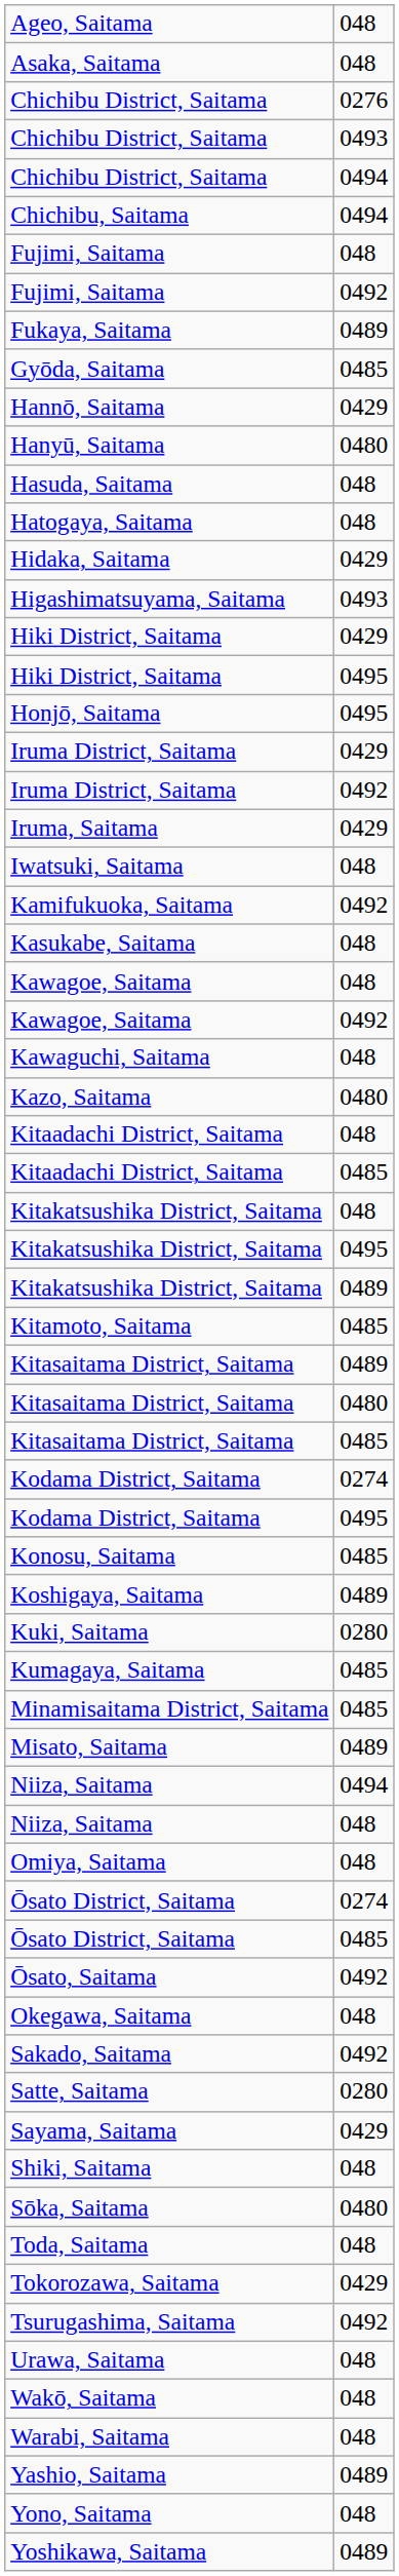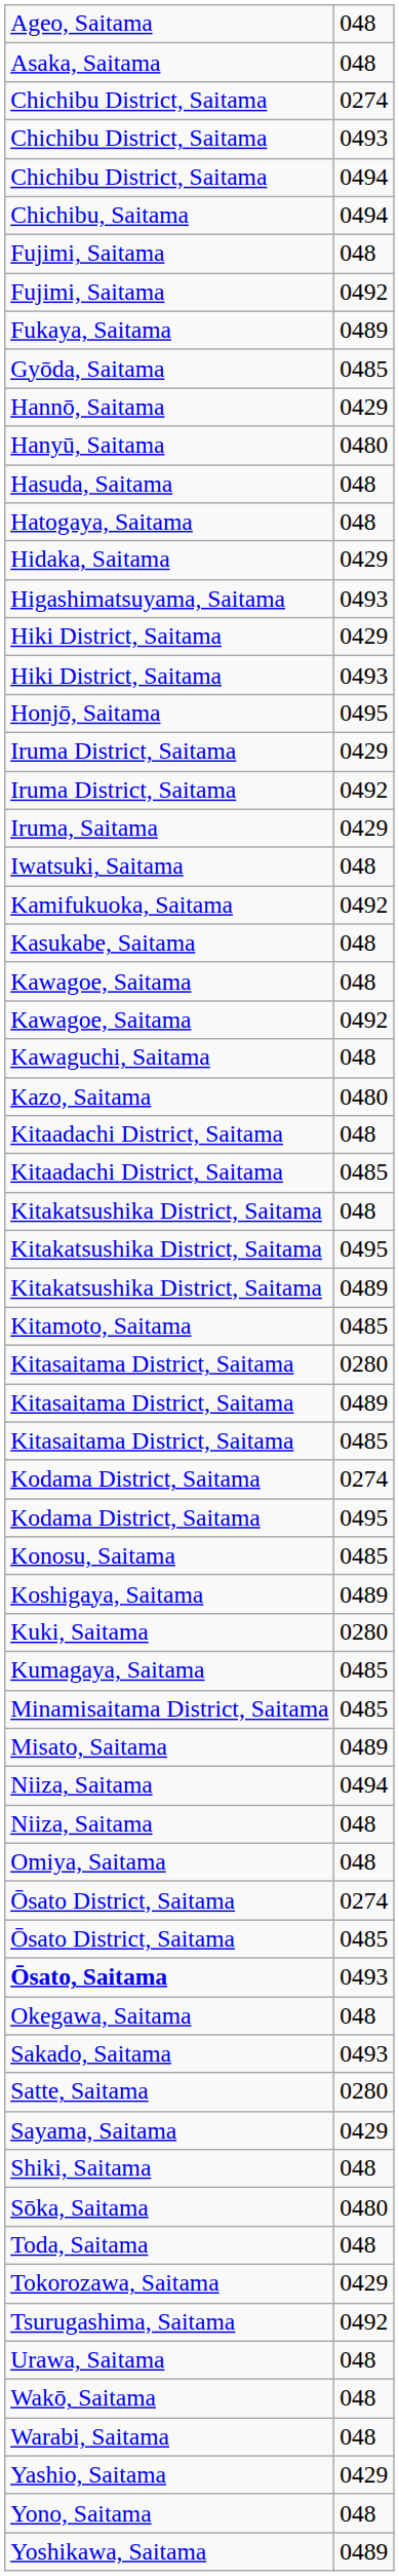 <table class="wikitable">
 <tr>
 <td><a href='#'>Ageo, Saitama</a></td>
 <td>048</td>
 </tr>
 <tr>
 <td><a href='#'>Asaka, Saitama</a></td>
 <td>048</td>
 </tr>
 <tr>
 <td><a href='#'>Chichibu District, Saitama</a></td>
-<td>0276</td>
+<td>0274</td>
 </tr>
 <tr>
 <td><a href='#'>Chichibu District, Saitama</a></td>
 <td>0493</td>
 </tr>
 <tr>
 <td><a href='#'>Chichibu District, Saitama</a></td>
 <td>0494</td>
 </tr>
 <tr>
 <td><a href='#'>Chichibu, Saitama</a></td>
 <td>0494</td>
 </tr>
 <tr>
 <td><a href='#'>Fujimi, Saitama</a></td>
 <td>048</td>
 </tr>
 <tr>
 <td><a href='#'>Fujimi, Saitama</a></td>
 <td>0492</td>
 </tr>
 <tr>
 <td><a href='#'>Fukaya, Saitama</a></td>
 <td>0489</td>
 </tr>
 <tr>
 <td><a href='#'>Gyōda, Saitama</a></td>
 <td>0485</td>
 </tr>
 <tr>
 <td><a href='#'>Hannō, Saitama</a></td>
 <td>0429</td>
 </tr>
 <tr>
 <td><a href='#'>Hanyū, Saitama</a></td>
 <td>0480</td>
 </tr>
 <tr>
 <td><a href='#'>Hasuda, Saitama</a></td>
 <td>048</td>
 </tr>
 <tr>
 <td><a href='#'>Hatogaya, Saitama</a></td>
 <td>048</td>
 </tr>
 <tr>
 <td><a href='#'>Hidaka, Saitama</a></td>
 <td>0429</td>
 </tr>
 <tr>
 <td><a href='#'>Higashimatsuyama, Saitama</a></td>
 <td>0493</td>
 </tr>
 <tr>
 <td><a href='#'>Hiki District, Saitama</a></td>
 <td>0429</td>
 </tr>
 <tr>
 <td><a href='#'>Hiki District, Saitama</a></td>
-<td>0495</td>
+<td>0493</td>
 </tr>
 <tr>
 <td><a href='#'>Honjō, Saitama</a></td>
 <td>0495</td>
 </tr>
 <tr>
 <td><a href='#'>Iruma District, Saitama</a></td>
 <td>0429</td>
 </tr>
 <tr>
 <td><a href='#'>Iruma District, Saitama</a></td>
 <td>0492</td>
 </tr>
 <tr>
 <td><a href='#'>Iruma, Saitama</a></td>
 <td>0429</td>
 </tr>
 <tr>
 <td><a href='#'>Iwatsuki, Saitama</a></td>
 <td>048</td>
 </tr>
 <tr>
 <td><a href='#'>Kamifukuoka, Saitama</a></td>
 <td>0492</td>
 </tr>
 <tr>
 <td><a href='#'>Kasukabe, Saitama</a></td>
 <td>048</td>
 </tr>
 <tr>
 <td><a href='#'>Kawagoe, Saitama</a></td>
 <td>048</td>
 </tr>
 <tr>
 <td><a href='#'>Kawagoe, Saitama</a></td>
 <td>0492</td>
 </tr>
 <tr>
 <td><a href='#'>Kawaguchi, Saitama</a></td>
 <td>048</td>
 </tr>
 <tr>
 <td><a href='#'>Kazo, Saitama</a></td>
 <td>0480</td>
 </tr>
 <tr>
 <td><a href='#'>Kitaadachi District, Saitama</a></td>
 <td>048</td>
 </tr>
 <tr>
 <td><a href='#'>Kitaadachi District, Saitama</a></td>
 <td>0485</td>
 </tr>
 <tr>
 <td><a href='#'>Kitakatsushika District, Saitama</a></td>
 <td>048</td>
 </tr>
 <tr>
 <td><a href='#'>Kitakatsushika District, Saitama</a></td>
 <td>0495</td>
 </tr>
 <tr>
 <td><a href='#'>Kitakatsushika District, Saitama</a></td>
 <td>0489</td>
 </tr>
 <tr>
 <td><a href='#'>Kitamoto, Saitama</a></td>
 <td>0485</td>
 </tr>
 <tr>
 <td><a href='#'>Kitasaitama District, Saitama</a></td>
-<td>0489</td>
+<td>0280</td>
 </tr>
 <tr>
 <td><a href='#'>Kitasaitama District, Saitama</a></td>
-<td>0480</td>
+<td>0489</td>
 </tr>
 <tr>
 <td><a href='#'>Kitasaitama District, Saitama</a></td>
 <td>0485</td>
 </tr>
 <tr>
 <td><a href='#'>Kodama District, Saitama</a></td>
 <td>0274</td>
 </tr>
 <tr>
 <td><a href='#'>Kodama District, Saitama</a></td>
 <td>0495</td>
 </tr>
 <tr>
 <td><a href='#'>Konosu, Saitama</a></td>
 <td>0485</td>
 </tr>
 <tr>
 <td><a href='#'>Koshigaya, Saitama</a></td>
 <td>0489</td>
 </tr>
 <tr>
 <td><a href='#'>Kuki, Saitama</a></td>
 <td>0280</td>
 </tr>
 <tr>
 <td><a href='#'>Kumagaya, Saitama</a></td>
 <td>0485</td>
 </tr>
 <tr>
 <td><a href='#'>Minamisaitama District, Saitama</a></td>
 <td>0485</td>
 </tr>
 <tr>
 <td><a href='#'>Misato, Saitama</a></td>
 <td>0489</td>
 </tr>
 <tr>
 <td><a href='#'>Niiza, Saitama</a></td>
 <td>0494</td>
 </tr>
 <tr>
 <td><a href='#'>Niiza, Saitama</a></td>
 <td>048</td>
 </tr>
 <tr>
 <td><a href='#'>Omiya, Saitama</a></td>
 <td>048</td>
 </tr>
 <tr>
 <td><a href='#'>Ōsato District, Saitama</a></td>
 <td>0274</td>
 </tr>
 <tr>
 <td><a href='#'>Ōsato District, Saitama</a></td>
 <td>0485</td>
 </tr>
 <tr>
-<td><a href='#'>Ōsato, Saitama</a></td>
-<td>0492</td>
+<td><strong><a href='#'>Ōsato, Saitama</a></strong></td>
+<td>0493</td>
 </tr>
 <tr>
 <td><a href='#'>Okegawa, Saitama</a></td>
 <td>048</td>
 </tr>
 <tr>
 <td><a href='#'>Sakado, Saitama</a></td>
-<td>0492</td>
+<td>0493</td>
 </tr>
 <tr>
 <td><a href='#'>Satte, Saitama</a></td>
 <td>0280</td>
 </tr>
 <tr>
 <td><a href='#'>Sayama, Saitama</a></td>
 <td>0429</td>
 </tr>
 <tr>
 <td><a href='#'>Shiki, Saitama</a></td>
 <td>048</td>
 </tr>
 <tr>
 <td><a href='#'>Sōka, Saitama</a></td>
 <td>0480</td>
 </tr>
 <tr>
 <td><a href='#'>Toda, Saitama</a></td>
 <td>048</td>
 </tr>
 <tr>
 <td><a href='#'>Tokorozawa, Saitama</a></td>
 <td>0429</td>
 </tr>
 <tr>
 <td><a href='#'>Tsurugashima, Saitama</a></td>
 <td>0492</td>
 </tr>
 <tr>
 <td><a href='#'>Urawa, Saitama</a></td>
 <td>048</td>
 </tr>
 <tr>
 <td><a href='#'>Wakō, Saitama</a></td>
 <td>048</td>
 </tr>
 <tr>
 <td><a href='#'>Warabi, Saitama</a></td>
 <td>048</td>
 </tr>
 <tr>
 <td><a href='#'>Yashio, Saitama</a></td>
-<td>0489</td>
+<td>0429</td>
 </tr>
 <tr>
 <td><a href='#'>Yono, Saitama</a></td>
 <td>048</td>
 </tr>
 <tr>
 <td><a href='#'>Yoshikawa, Saitama</a></td>
 <td>0489</td>
 </tr>
 </table>
